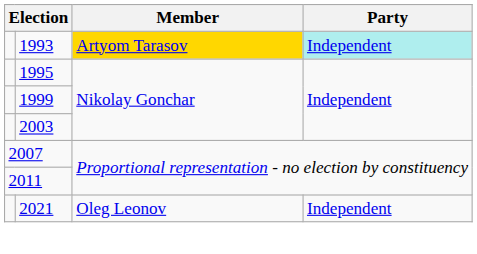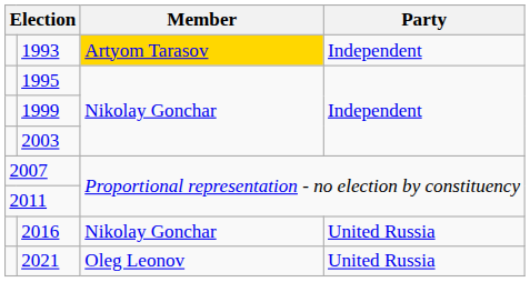 <table class="wikitable">
 <tr>
 <th colspan="2">Election</th>
 <th>Member</th>
 <th>Party</th>
 </tr>
 <tr>
 <td style="background-color: "></td>
 <td><a href='#'>1993</a></td>
 <td style="background: gold;"><a href='#'>Artyom Tarasov</a></td>
-<td style="background: paleturquoise;"><a href='#'>Independent</a></td>
+<td><a href='#'>Independent</a></td>
 </tr>
 <tr>
 <td style="background-color: "></td>
 <td><a href='#'>1995</a></td>
 <td rowspan=3><a href='#'>Nikolay Gonchar</a></td>
 <td rowspan=3><a href='#'>Independent</a></td>
 </tr>
 <tr>
 <td style="background-color: "></td>
 <td><a href='#'>1999</a></td>
 </tr>
 <tr>
 <td style="background-color: "></td>
 <td><a href='#'>2003</a></td>
 </tr>
 <tr>
 <td colspan=2><a href='#'>2007</a></td>
 <td colspan=2 rowspan=2><em><a href='#'>Proportional representation</a> - no election by constituency</em></td>
 </tr>
 <tr>
 <td colspan=2><a href='#'>2011</a></td>
 </tr>
 <tr>
+<td style="background-color: "></td>
+<td><a href='#'>2016</a></td>
+<td><a href='#'>Nikolay Gonchar</a></td>
+<td><a href='#'>United Russia</a></td>
+</tr>
+<tr>
 <td style="background-color:"></td>
 <td><a href='#'>2021</a></td>
 <td><a href='#'>Oleg Leonov</a></td>
-<td><a href='#'>Independent</a></td>
+<td><a href='#'>United Russia</a></td>
 </tr>
 </table>
